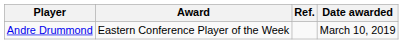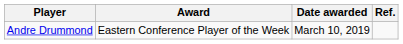 <table class="wikitable sortable sortable" style="text-align: center">
 <tr>
 <th>Player</th>
 <th>Award</th>
+<th>Date awarded</th>
 <th>Ref.</th>
-<th>Date awarded</th>
 </tr>
 <tr>
 <td><a href='#'>Andre Drummond</a></td>
 <td>Eastern Conference Player of the Week</td>
+<td>March 10, 2019</td>
 <td></td>
-<td>March 10, 2019</td>
 </tr>
 </table>
